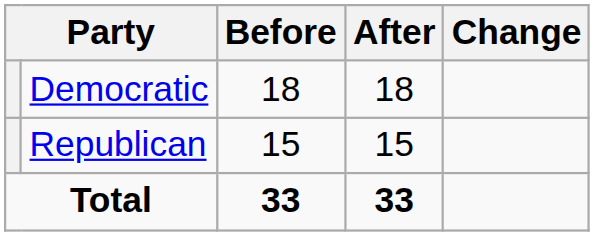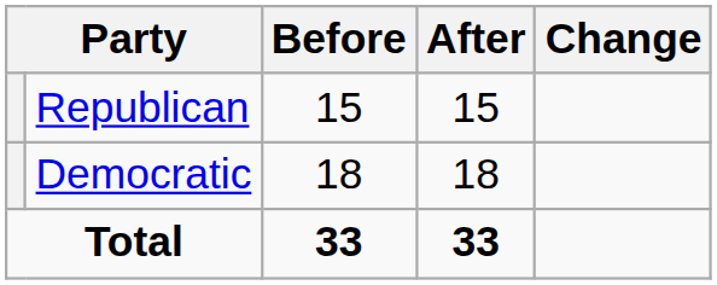 <table class="wikitable" style="text-align:center;">
 <tr>
 <th colspan="2">Party</th>
 <th>Before</th>
 <th>After</th>
 <th>Change</th>
 </tr>
 <tr>
 <th style="background-color:"></th>
-<td style="text-align:left;"><a href='#'>Democratic</a></td>
-<td>18</td>
-<td>18</td>
+<td style="text-align:left;"><a href='#'>Republican</a></td>
+<td>15</td>
+<td>15</td>
 <td></td>
 </tr>
 <tr>
 <th style="background-color:"></th>
-<td style="text-align:left;"><a href='#'>Republican</a></td>
-<td>15</td>
-<td>15</td>
+<td style="text-align:left;"><a href='#'>Democratic</a></td>
+<td>18</td>
+<td>18</td>
 <td></td>
 </tr>
 <tr>
 <td colspan="2"><strong>Total</strong></td>
 <td><strong>33</strong></td>
 <td><strong>33</strong></td>
 <td></td>
 </tr>
 </table>
